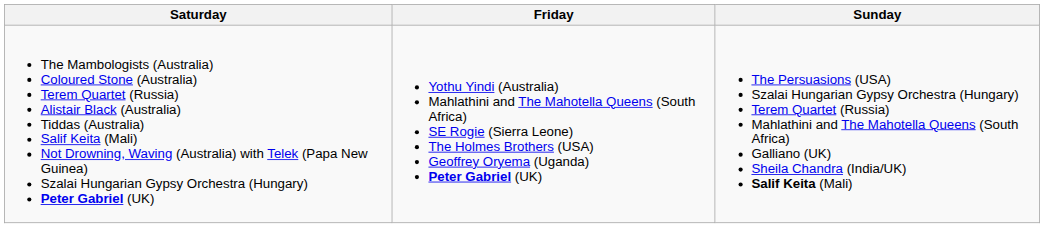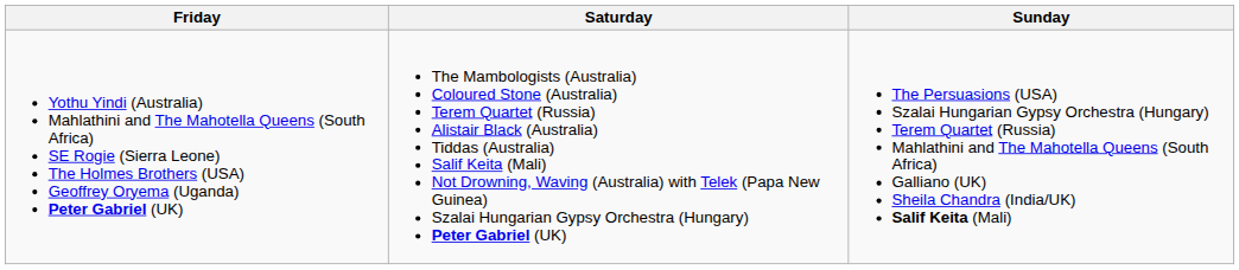 <table class="wikitable">
 <tr>
+<th>Friday</th>
 <th>Saturday</th>
-<th>Friday</th>
 <th>Sunday</th>
 </tr>
 <tr>
+<td><br><ul><li><a href='#'>Yothu Yindi</a> (Australia)</li><li>Mahlathini and <a href='#'>The Mahotella Queens</a> (South Africa)</li><li><a href='#'>SE Rogie</a> (Sierra Leone)</li><li><a href='#'>The Holmes Brothers</a> (USA)</li><li><a href='#'>Geoffrey Oryema</a> (Uganda)</li><li><strong><a href='#'>Peter Gabriel</a></strong> (UK)</li></ul></td>
 <td><br><ul><li>The Mambologists (Australia)</li><li><a href='#'>Coloured Stone</a> (Australia)</li><li><a href='#'>Terem Quartet</a> (Russia)</li><li><a href='#'>Alistair Black</a> (Australia)</li><li>Tiddas (Australia)</li><li><a href='#'>Salif Keita</a> (Mali)</li><li><a href='#'>Not Drowning, Waving</a> (Australia) with <a href='#'>Telek</a> (Papa New Guinea)</li><li>Szalai Hungarian Gypsy Orchestra (Hungary)</li><li><strong><a href='#'>Peter Gabriel</a></strong> (UK)</li></ul></td>
-<td><br><ul><li><a href='#'>Yothu Yindi</a> (Australia)</li><li>Mahlathini and <a href='#'>The Mahotella Queens</a> (South Africa)</li><li><a href='#'>SE Rogie</a> (Sierra Leone)</li><li><a href='#'>The Holmes Brothers</a> (USA)</li><li><a href='#'>Geoffrey Oryema</a> (Uganda)</li><li><strong><a href='#'>Peter Gabriel</a></strong> (UK)</li></ul></td>
 <td><br><ul><li><a href='#'>The Persuasions</a> (USA)</li><li>Szalai Hungarian Gypsy Orchestra (Hungary)</li><li><a href='#'>Terem Quartet</a> (Russia)</li><li>Mahlathini and <a href='#'>The Mahotella Queens</a> (South Africa)</li><li>Galliano (UK)</li><li><a href='#'>Sheila Chandra</a> (India/UK)</li><li><strong>Salif Keita</strong> (Mali)</li></ul></td>
 </tr>
 </table>
